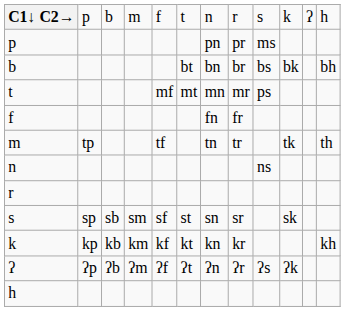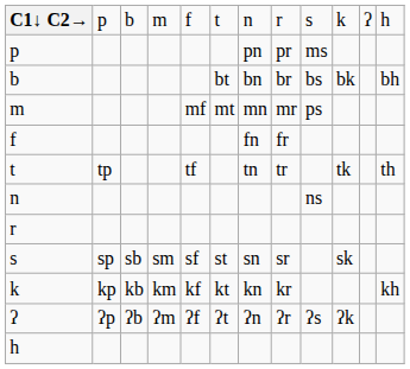 <table class="wikitable">
 <tr>
 <th>C1↓ C2→</th>
 <td>p</td>
 <td>b</td>
 <td>m</td>
 <td>f</td>
 <td>t</td>
 <td>n</td>
 <td>r</td>
 <td>s</td>
 <td>k</td>
 <td>ʔ</td>
 <td>h</td>
 </tr>
 <tr>
 <td>p</td>
 <td></td>
 <td></td>
 <td></td>
 <td></td>
 <td></td>
 <td>pn</td>
 <td>pr</td>
 <td>ms</td>
 <td></td>
 <td></td>
 <td></td>
 </tr>
 <tr>
 <td>b</td>
 <td></td>
 <td></td>
 <td></td>
 <td></td>
 <td>bt</td>
 <td>bn</td>
 <td>br</td>
 <td>bs</td>
 <td>bk</td>
 <td></td>
 <td>bh</td>
 </tr>
 <tr>
-<td>t</td>
+<td>m</td>
 <td></td>
 <td></td>
 <td></td>
 <td>mf</td>
 <td>mt</td>
 <td>mn</td>
 <td>mr</td>
 <td>ps</td>
 <td></td>
 <td></td>
 <td></td>
 </tr>
 <tr>
 <td>f</td>
 <td></td>
 <td></td>
 <td></td>
 <td></td>
 <td></td>
 <td>fn</td>
 <td>fr</td>
 <td></td>
 <td></td>
 <td></td>
 <td></td>
 </tr>
 <tr>
-<td>m</td>
+<td>t</td>
 <td>tp</td>
 <td></td>
 <td></td>
 <td>tf</td>
 <td></td>
 <td>tn</td>
 <td>tr</td>
 <td></td>
 <td>tk</td>
 <td></td>
 <td>th</td>
 </tr>
 <tr>
 <td>n</td>
 <td></td>
 <td></td>
 <td></td>
 <td></td>
 <td></td>
 <td></td>
 <td></td>
 <td>ns</td>
 <td></td>
 <td></td>
 <td></td>
 </tr>
 <tr>
 <td>r</td>
 <td></td>
 <td></td>
 <td></td>
 <td></td>
 <td></td>
 <td></td>
 <td></td>
 <td></td>
 <td></td>
 <td></td>
 <td></td>
 </tr>
 <tr>
 <td>s</td>
 <td>sp</td>
 <td>sb</td>
 <td>sm</td>
 <td>sf</td>
 <td>st</td>
 <td>sn</td>
 <td>sr</td>
 <td></td>
 <td>sk</td>
 <td></td>
 <td></td>
 </tr>
 <tr>
 <td>k</td>
 <td>kp</td>
 <td>kb</td>
 <td>km</td>
 <td>kf</td>
 <td>kt</td>
 <td>kn</td>
 <td>kr</td>
 <td></td>
 <td></td>
 <td></td>
 <td>kh</td>
 </tr>
 <tr>
 <td>ʔ</td>
 <td>ʔp</td>
 <td>ʔb</td>
 <td>ʔm</td>
 <td>ʔf</td>
 <td>ʔt</td>
 <td>ʔn</td>
 <td>ʔr</td>
 <td>ʔs</td>
 <td>ʔk</td>
 <td></td>
 <td></td>
 </tr>
 <tr>
 <td>h</td>
 <td></td>
 <td></td>
 <td></td>
 <td></td>
 <td></td>
 <td></td>
 <td></td>
 <td></td>
 <td></td>
 <td></td>
 <td></td>
 </tr>
 </table>
